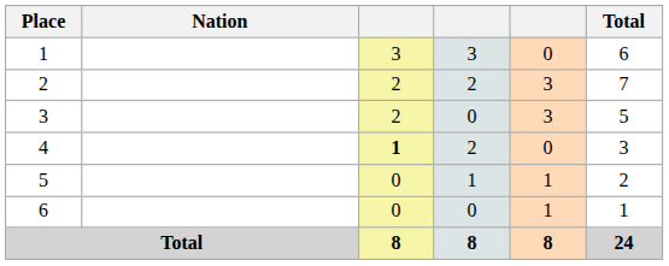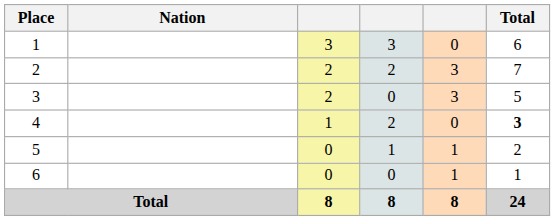 <table class=wikitable style="border:1px solid #AAAAAA;font-size:90%">
 <tr bgcolor="#EFEFEF">
 <th width=50>Place</th>
 <th width=200>Nation</th>
 <th width=50></th>
 <th width=50></th>
 <th width=50></th>
 <th width=50>Total</th>
 </tr>
 <tr align="center" valign="top" bgcolor="#FFFFFF">
 <td>1</td>
 <td align="left"></td>
 <td style="background:#F7F6A8;">3</td>
 <td style="background:#DCE5E5;">3</td>
 <td style="background:#FFDAB9;">0</td>
 <td>6</td>
 </tr>
 <tr align="center" valign="top" bgcolor="#FFFFFF">
 <td>2</td>
 <td align="left"></td>
 <td style="background:#F7F6A8;">2</td>
 <td style="background:#DCE5E5;">2</td>
 <td style="background:#FFDAB9;">3</td>
 <td>7</td>
 </tr>
 <tr align="center" valign="top" bgcolor="#FFFFFF">
 <td>3</td>
 <td align="left"></td>
 <td style="background:#F7F6A8;">2</td>
 <td style="background:#DCE5E5;">0</td>
 <td style="background:#FFDAB9;">3</td>
 <td>5</td>
 </tr>
 <tr align="center" valign="top" bgcolor="#FFFFFF">
 <td>4</td>
 <td align="left"></td>
-<td style="background:#F7F6A8;"><strong>1</strong></td>
+<td style="background:#F7F6A8;">1</td>
 <td style="background:#DCE5E5;">2</td>
 <td style="background:#FFDAB9;">0</td>
-<td>3</td>
+<td><strong>3</strong></td>
 </tr>
 <tr align="center" valign="top" bgcolor="#FFFFFF">
 <td>5</td>
 <td align="left"></td>
 <td style="background:#F7F6A8;">0</td>
 <td style="background:#DCE5E5;">1</td>
 <td style="background:#FFDAB9;">1</td>
 <td>2</td>
 </tr>
 <tr align="center" valign="top" bgcolor="#FFFFFF">
 <td>6</td>
 <td align="left"></td>
 <td style="background:#F7F6A8;">0</td>
 <td style="background:#DCE5E5;">0</td>
 <td style="background:#FFDAB9;">1</td>
 <td>1</td>
 </tr>
 <tr align="center">
 <td colspan="2" bgcolor=D3D3D3><strong>Total</strong></td>
 <td style="background:#F7F6A8;"><strong>8</strong></td>
 <td style="background:#DCE5E5;"><strong>8</strong></td>
 <td style="background:#FFDAB9;"><strong>8</strong></td>
 <td bgcolor=D3D3D3><strong>24</strong></td>
 </tr>
 </table>
